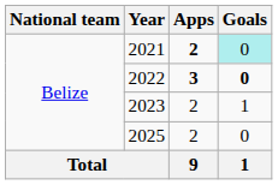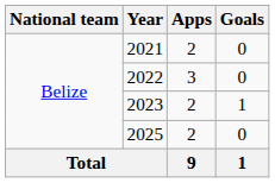 <table class="wikitable" style="text-align:center">
 <tr>
 <th>National team</th>
 <th>Year</th>
 <th>Apps</th>
 <th>Goals</th>
 </tr>
 <tr>
 <td rowspan=4><a href='#'>Belize</a></td>
 <td>2021</td>
-<td><strong>2</strong></td>
-<td style="background: paleturquoise;">0</td>
+<td>2</td>
+<td>0</td>
 </tr>
 <tr>
 <td>2022</td>
-<td><strong>3</strong></td>
-<td><strong>0</strong></td>
+<td>3</td>
+<td>0</td>
 </tr>
 <tr>
 <td>2023</td>
 <td>2</td>
 <td>1</td>
 </tr>
 <tr>
 <td>2025</td>
 <td>2</td>
 <td>0</td>
 </tr>
 <tr>
 <th colspan=2>Total</th>
 <th>9</th>
 <th>1</th>
 </tr>
 </table>
